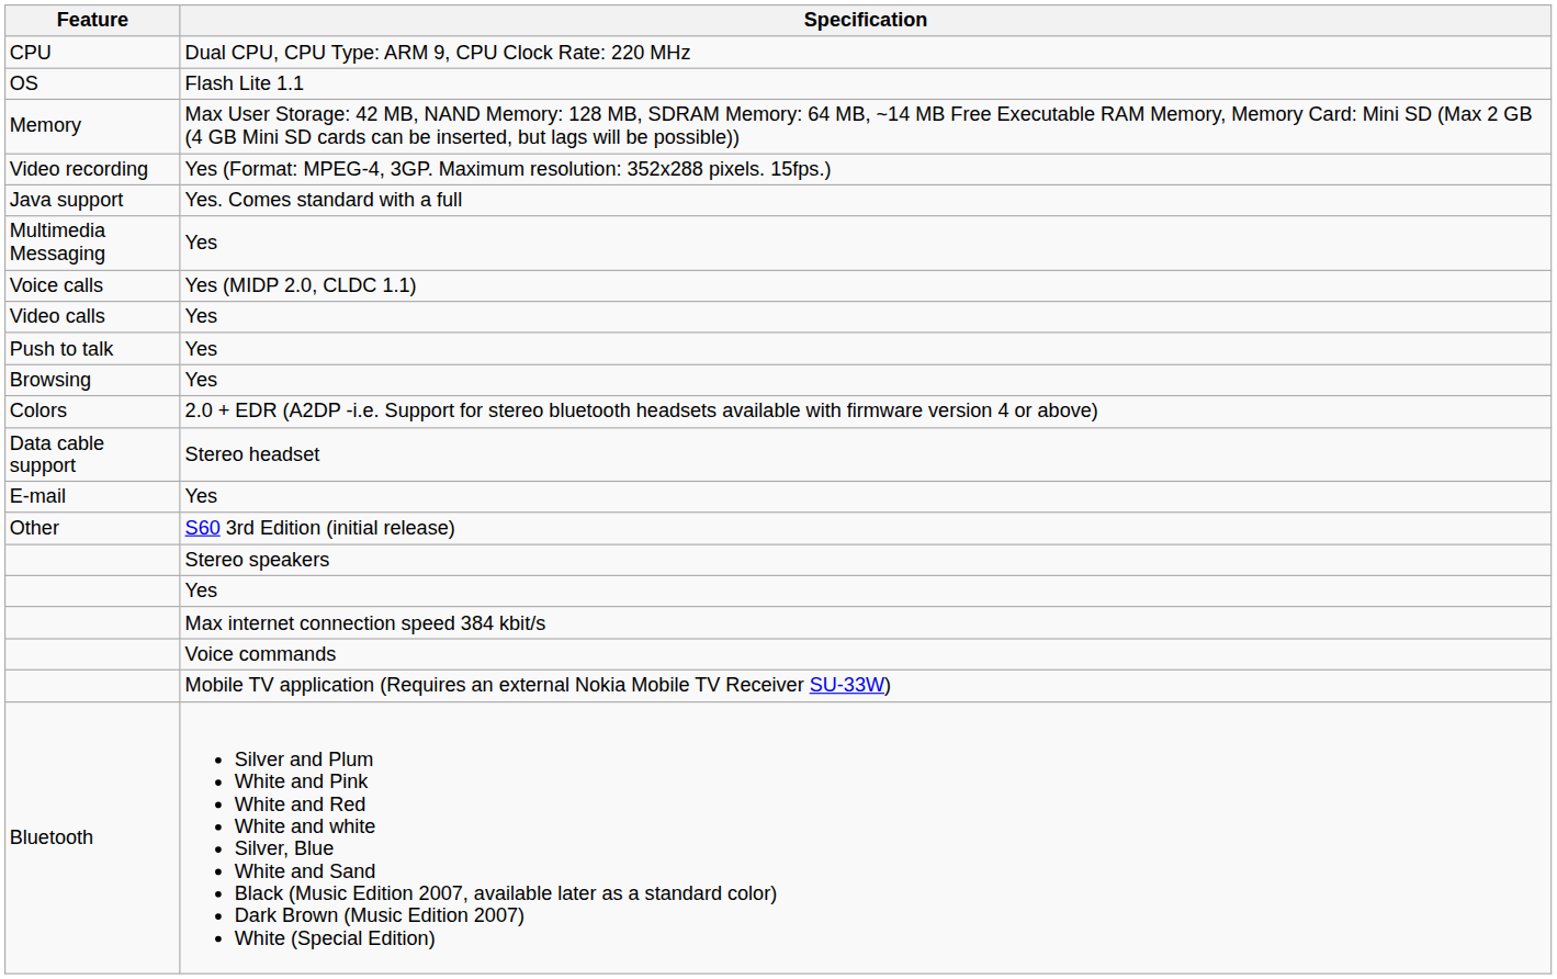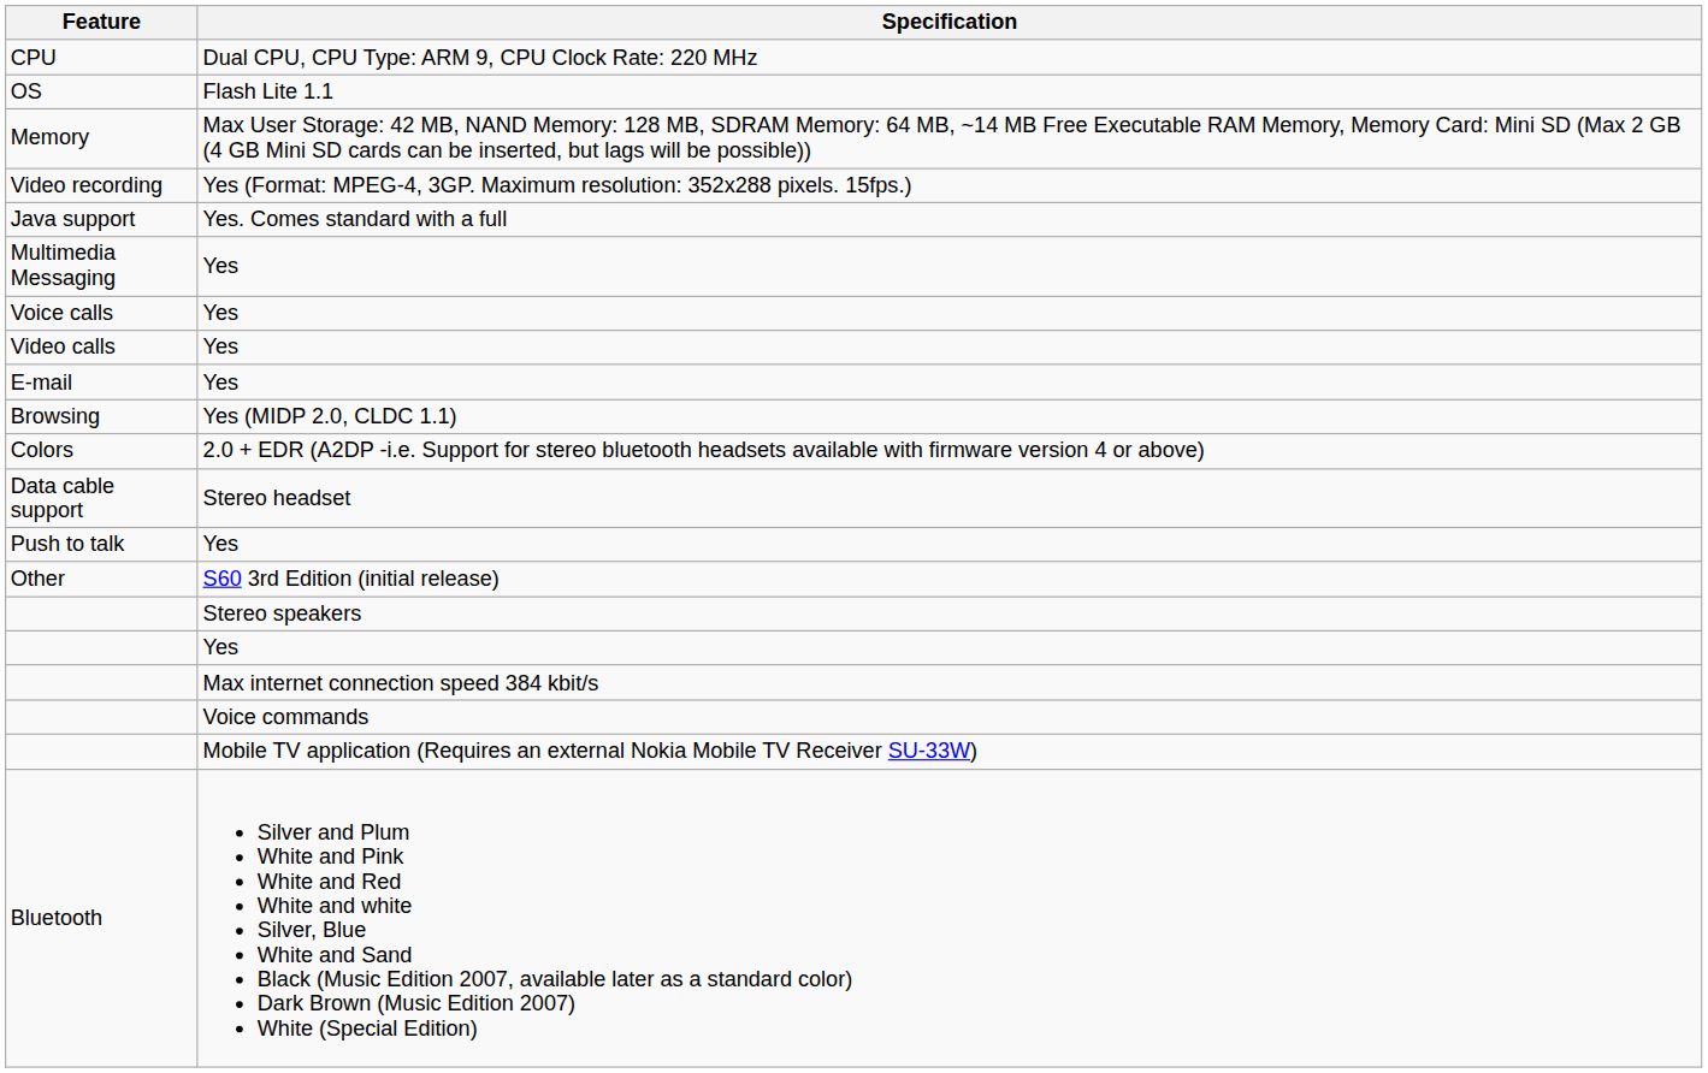 <table class="wikitable">
 <tr>
 <th>Feature</th>
 <th>Specification</th>
 </tr>
 <tr>
 <td>CPU</td>
 <td>Dual CPU, CPU Type: ARM 9, CPU Clock Rate: 220 MHz</td>
 </tr>
 <tr>
 <td>OS</td>
 <td>Flash Lite 1.1</td>
 </tr>
 <tr>
 <td>Memory</td>
 <td>Max User Storage: 42 MB, NAND Memory: 128 MB, SDRAM Memory: 64 MB, ~14 MB Free Executable RAM Memory, Memory Card: Mini SD (Max 2 GB (4 GB Mini SD cards can be inserted, but lags will be possible))</td>
 </tr>
 <tr>
 <td>Video recording</td>
 <td>Yes (Format: MPEG-4, 3GP. Maximum resolution: 352x288 pixels. 15fps.)</td>
 </tr>
 <tr>
 <td>Java support</td>
 <td>Yes. Comes standard with a full </td>
 </tr>
 <tr>
 <td>Multimedia Messaging</td>
 <td>Yes</td>
 </tr>
 <tr>
 <td>Voice calls</td>
-<td>Yes (MIDP 2.0, CLDC 1.1)</td>
+<td>Yes</td>
 </tr>
 <tr>
 <td>Video calls</td>
 <td>Yes</td>
 </tr>
 <tr>
-<td>Push to talk</td>
+<td>E-mail</td>
 <td>Yes</td>
 </tr>
 <tr>
 <td>Browsing</td>
-<td>Yes</td>
+<td>Yes (MIDP 2.0, CLDC 1.1)</td>
 </tr>
 <tr>
 <td>Colors</td>
 <td>2.0 + EDR (A2DP -i.e. Support for stereo bluetooth headsets available with firmware version 4 or above)</td>
 </tr>
 <tr>
 <td>Data cable support</td>
 <td>Stereo headset</td>
 </tr>
 <tr>
-<td>E-mail</td>
+<td>Push to talk</td>
 <td>Yes</td>
 </tr>
 <tr>
 <td>Other</td>
 <td><a href='#'>S60</a> 3rd Edition (initial release)</td>
 </tr>
 <tr>
 <td></td>
 <td>Stereo speakers</td>
 </tr>
 <tr>
 <td></td>
 <td>Yes</td>
 </tr>
 <tr>
 <td></td>
 <td>Max internet connection speed 384 kbit/s</td>
 </tr>
 <tr>
 <td></td>
 <td>Voice commands</td>
 </tr>
 <tr>
 <td></td>
 <td>Mobile TV application (Requires an external Nokia Mobile TV Receiver <a href='#'>SU-33W</a>)</td>
 </tr>
 <tr>
 <td>Bluetooth</td>
 <td><br><ul><li>Silver and Plum</li><li>White and Pink</li><li>White and Red</li><li>White and white</li><li>Silver, Blue</li><li>White and Sand</li><li>Black (Music Edition 2007, available later as a standard color)</li><li>Dark Brown (Music Edition 2007)</li><li>White (Special Edition)</li></ul></td>
 </tr>
 </table>
